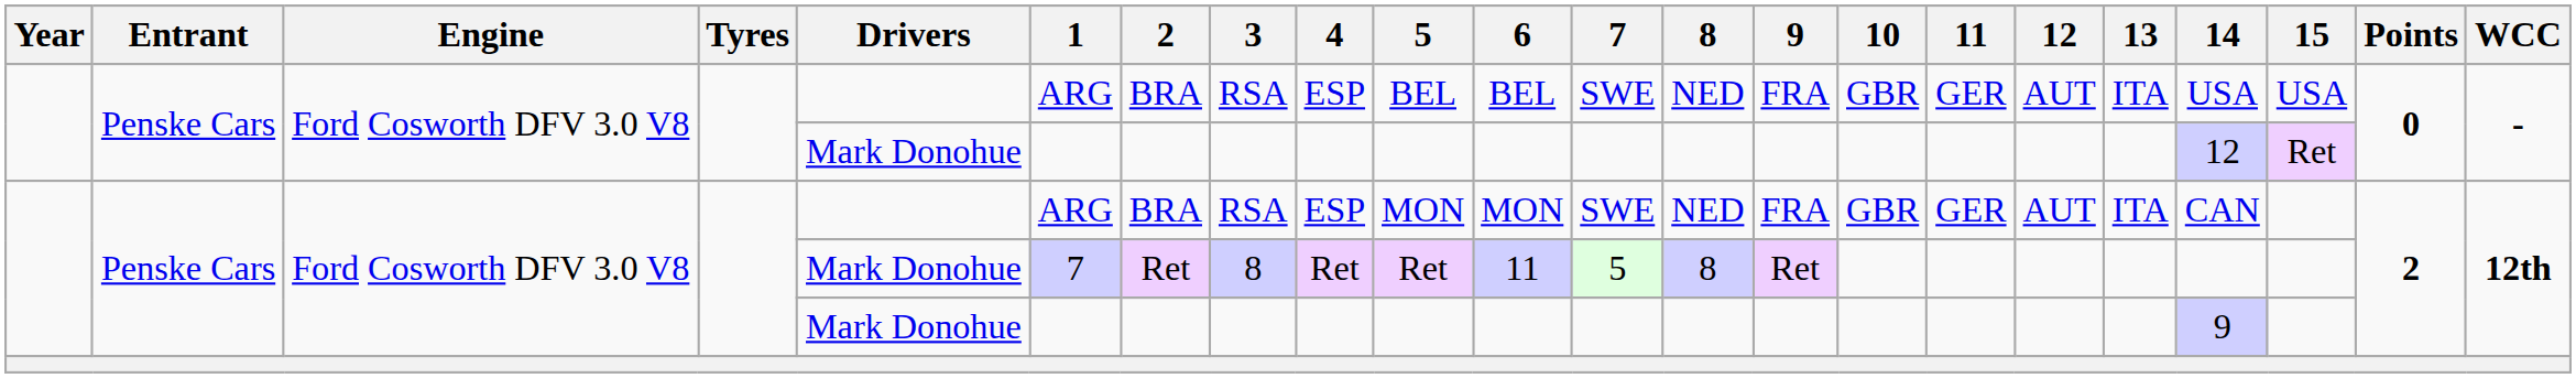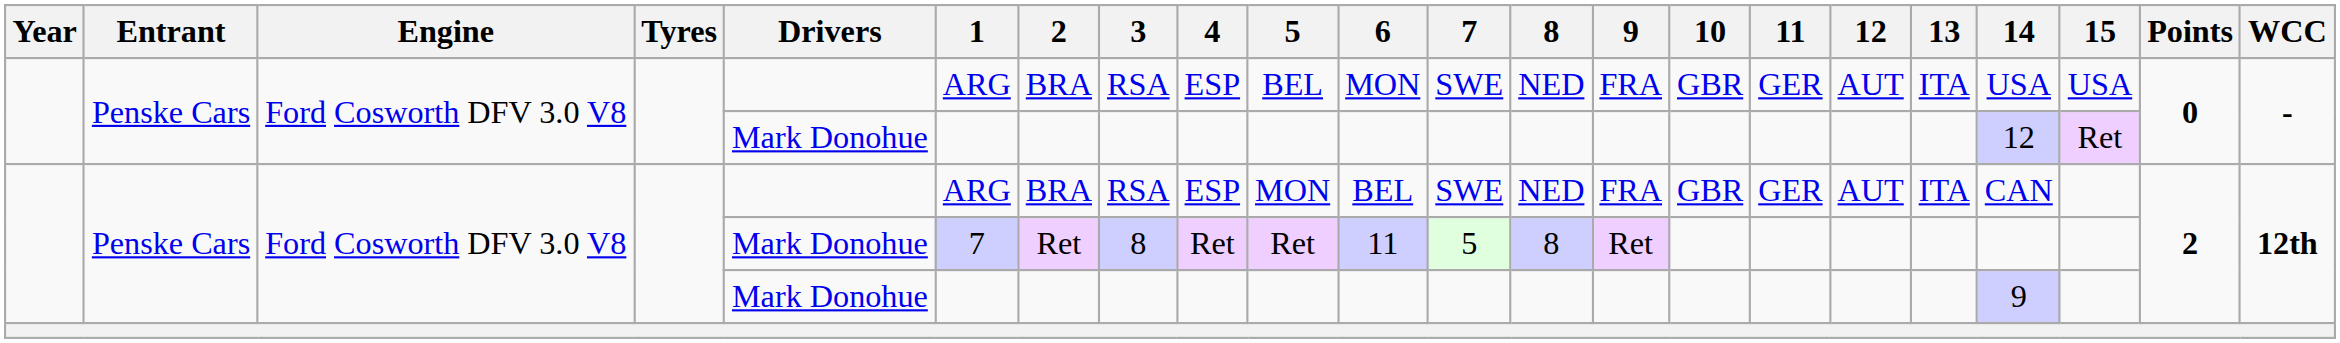 <table class="wikitable" style="text-align:center; font-size:95%">
 <tr>
 <th>Year</th>
 <th>Entrant</th>
 <th>Engine</th>
 <th>Tyres</th>
 <th>Drivers</th>
 <th>1</th>
 <th>2</th>
 <th>3</th>
 <th>4</th>
 <th>5</th>
 <th>6</th>
 <th>7</th>
 <th>8</th>
 <th>9</th>
 <th>10</th>
 <th>11</th>
 <th>12</th>
 <th>13</th>
 <th>14</th>
 <th>15</th>
 <th>Points</th>
 <th>WCC</th>
 </tr>
 <tr>
 <td rowspan="2"></td>
 <td rowspan="2"><a href='#'>Penske Cars</a></td>
 <td rowspan="2"><a href='#'>Ford</a> <a href='#'>Cosworth</a> DFV 3.0 <a href='#'>V8</a></td>
 <td rowspan="2"></td>
 <td></td>
 <td><a href='#'>ARG</a></td>
 <td><a href='#'>BRA</a></td>
 <td><a href='#'>RSA</a></td>
 <td><a href='#'>ESP</a></td>
 <td><a href='#'>BEL</a></td>
-<td><a href='#'>BEL</a></td>
+<td><a href='#'>MON</a></td>
 <td><a href='#'>SWE</a></td>
 <td><a href='#'>NED</a></td>
 <td><a href='#'>FRA</a></td>
 <td><a href='#'>GBR</a></td>
 <td><a href='#'>GER</a></td>
 <td><a href='#'>AUT</a></td>
 <td><a href='#'>ITA</a></td>
 <td><a href='#'>USA</a></td>
 <td><a href='#'>USA</a></td>
 <td rowspan="2"><strong>0</strong></td>
 <td rowspan="2"><strong>-</strong></td>
 </tr>
 <tr>
 <td align="left"><a href='#'>Mark Donohue</a></td>
 <td></td>
 <td></td>
 <td></td>
 <td></td>
 <td></td>
 <td></td>
 <td></td>
 <td></td>
 <td></td>
 <td></td>
 <td></td>
 <td></td>
 <td></td>
 <td style="background:#cfcfff; text-align:center;">12</td>
 <td style="background:#efcfff; text-align:center;">Ret</td>
 </tr>
 <tr>
 <td rowspan="3"></td>
 <td rowspan="3"><a href='#'>Penske Cars</a></td>
 <td rowspan="3"><a href='#'>Ford</a> <a href='#'>Cosworth</a> DFV 3.0 <a href='#'>V8</a></td>
 <td rowspan="3"></td>
 <td></td>
 <td><a href='#'>ARG</a></td>
 <td><a href='#'>BRA</a></td>
 <td><a href='#'>RSA</a></td>
 <td><a href='#'>ESP</a></td>
 <td><a href='#'>MON</a></td>
-<td><a href='#'>MON</a></td>
+<td><a href='#'>BEL</a></td>
 <td><a href='#'>SWE</a></td>
 <td><a href='#'>NED</a></td>
 <td><a href='#'>FRA</a></td>
 <td><a href='#'>GBR</a></td>
 <td><a href='#'>GER</a></td>
 <td><a href='#'>AUT</a></td>
 <td><a href='#'>ITA</a></td>
 <td><a href='#'>CAN</a></td>
 <td></td>
 <td rowspan="3"><strong>2</strong></td>
 <td rowspan="3"><strong>12th</strong></td>
 </tr>
 <tr>
 <td align="left"><a href='#'>Mark Donohue</a></td>
 <td style="background:#cfcfff; text-align:center;">7</td>
 <td style="background:#efcfff; text-align:center;">Ret</td>
 <td style="background:#cfcfff; text-align:center;">8</td>
 <td style="background:#efcfff; text-align:center;">Ret</td>
 <td style="background:#efcfff; text-align:center;">Ret</td>
 <td style="background:#cfcfff; text-align:center;">11</td>
 <td style="background:#dfffdf; text-align:center;">5</td>
 <td style="background:#cfcfff; text-align:center;">8</td>
 <td style="background:#efcfff; text-align:center;">Ret</td>
 <td></td>
 <td></td>
 <td></td>
 <td></td>
 <td></td>
 <td></td>
 </tr>
 <tr>
 <td align="left"><a href='#'>Mark Donohue</a></td>
 <td></td>
 <td></td>
 <td></td>
 <td></td>
 <td></td>
 <td></td>
 <td></td>
 <td></td>
 <td></td>
 <td></td>
 <td></td>
 <td></td>
 <td></td>
 <td style="background:#cfcfff; text-align:center;">9</td>
 <td></td>
 </tr>
 <tr>
 <th colspan="22"></th>
 </tr>
 </table>
